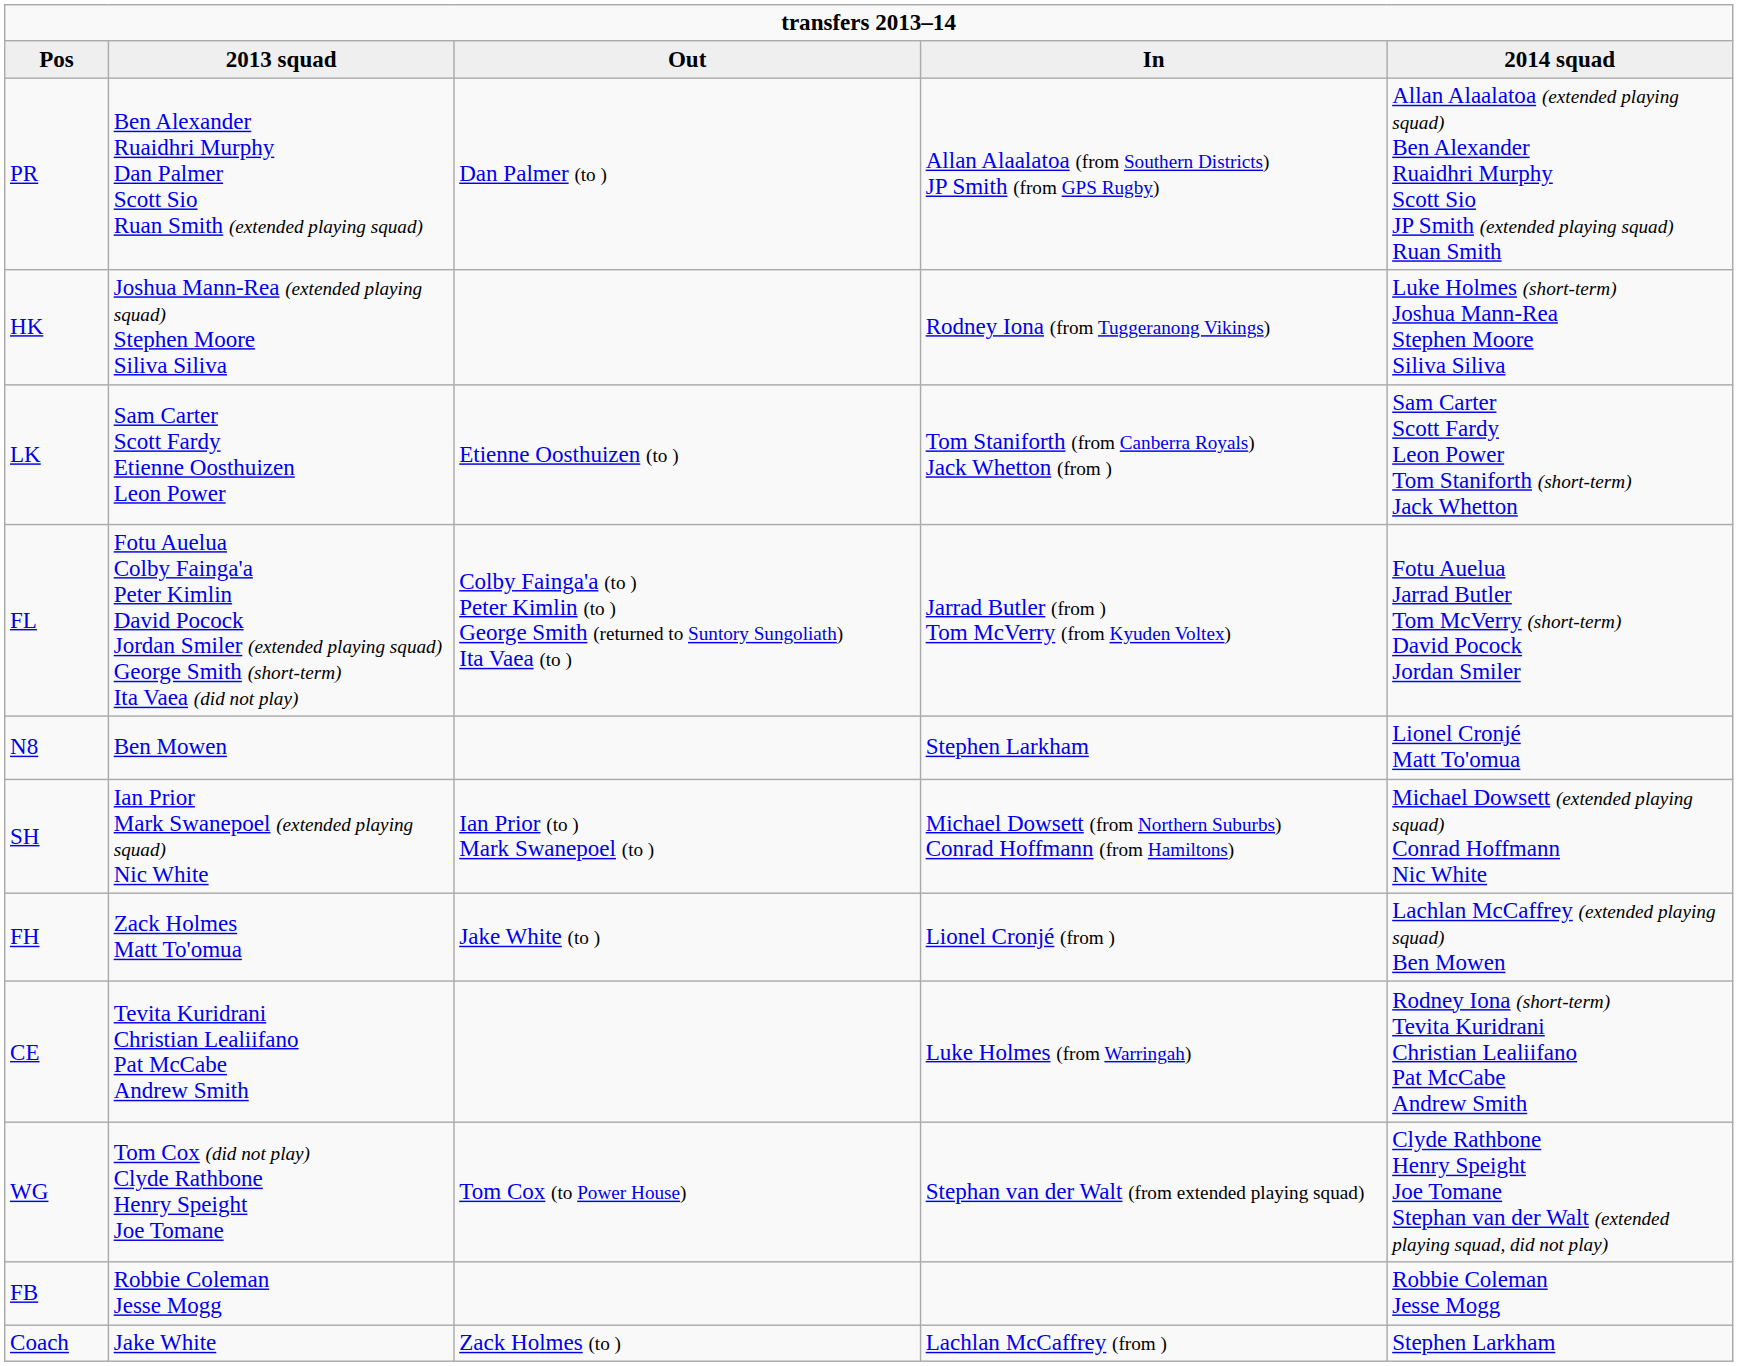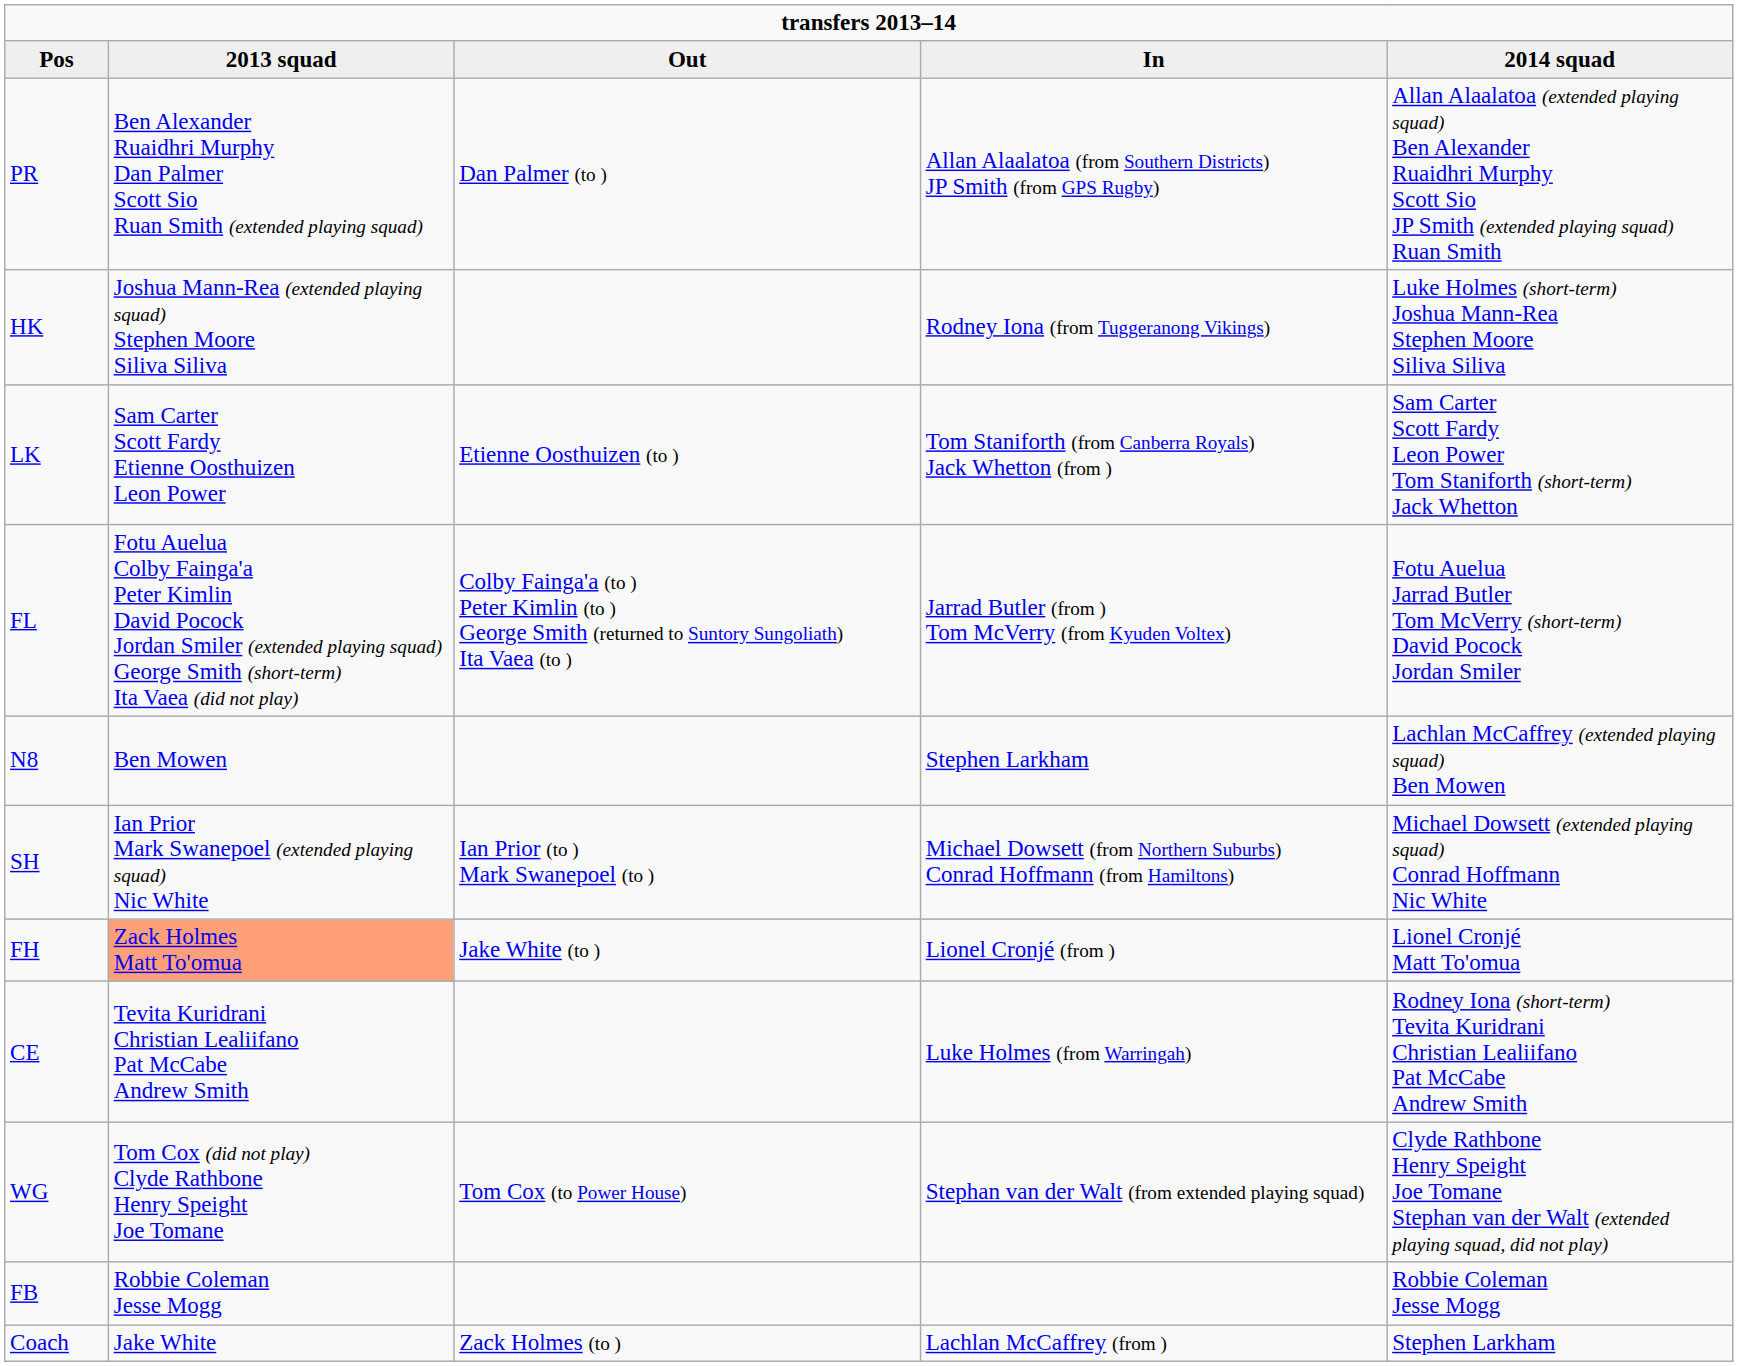 <table class="wikitable" style="text-align: left; width:95%">
 <tr>
 <td colspan="100%" style="text-align:center;"><strong> transfers 2013–14</strong></td>
 </tr>
 <tr>
 <th style="background:#efefef; width:6%;">Pos</th>
 <th style="background:#efefef; width:20%;">2013 squad</th>
 <th style="background:#efefef; width:27%;">Out</th>
 <th style="background:#efefef; width:27%;">In</th>
 <th style="background:#efefef; width:20%;">2014 squad</th>
 </tr>
 <tr>
 <td><a href='#'>PR</a></td>
 <td> <a href='#'>Ben Alexander</a><br><a href='#'>Ruaidhri Murphy</a><br><a href='#'>Dan Palmer</a><br><a href='#'>Scott Sio</a><br><a href='#'>Ruan Smith</a> <small><em>(extended playing squad)</em></small></td>
 <td>  <a href='#'>Dan Palmer</a> <small>(to )</small></td>
 <td>  <a href='#'>Allan Alaalatoa</a> <small>(from <a href='#'>Southern Districts</a>)</small><br> <a href='#'>JP Smith</a> <small>(from <a href='#'>GPS Rugby</a>)</small></td>
 <td> <a href='#'>Allan Alaalatoa</a> <small><em>(extended playing squad)</em></small><br><a href='#'>Ben Alexander</a><br><a href='#'>Ruaidhri Murphy</a><br><a href='#'>Scott Sio</a><br><a href='#'>JP Smith</a> <small><em>(extended playing squad)</em></small><br><a href='#'>Ruan Smith</a></td>
 </tr>
 <tr>
 <td><a href='#'>HK</a></td>
 <td> <a href='#'>Joshua Mann-Rea</a> <small><em>(extended playing squad)</em></small><br><a href='#'>Stephen Moore</a><br><a href='#'>Siliva Siliva</a></td>
 <td></td>
 <td>  <a href='#'>Rodney Iona</a> <small>(from <a href='#'>Tuggeranong Vikings</a>)</small></td>
 <td> <a href='#'>Luke Holmes</a> <small><em>(short-term)</em></small><br><a href='#'>Joshua Mann-Rea</a><br><a href='#'>Stephen Moore</a><br><a href='#'>Siliva Siliva</a></td>
 </tr>
 <tr>
 <td><a href='#'>LK</a></td>
 <td> <a href='#'>Sam Carter</a><br><a href='#'>Scott Fardy</a><br><a href='#'>Etienne Oosthuizen</a><br><a href='#'>Leon Power</a></td>
 <td>  <a href='#'>Etienne Oosthuizen</a> <small>(to )</small></td>
 <td>  <a href='#'>Tom Staniforth</a> <small>(from <a href='#'>Canberra Royals</a>)</small><br> <a href='#'>Jack Whetton</a> <small>(from  )</small></td>
 <td> <a href='#'>Sam Carter</a><br><a href='#'>Scott Fardy</a><br><a href='#'>Leon Power</a><br><a href='#'>Tom Staniforth</a> <small><em>(short-term)</em></small><br><a href='#'>Jack Whetton</a></td>
 </tr>
 <tr>
 <td><a href='#'>FL</a></td>
 <td> <a href='#'>Fotu Auelua</a><br><a href='#'>Colby Fainga'a</a><br><a href='#'>Peter Kimlin</a><br><a href='#'>David Pocock</a><br><a href='#'>Jordan Smiler</a> <small><em>(extended playing squad)</em></small><br><a href='#'>George Smith</a> <small><em>(short-term)</em></small><br><a href='#'>Ita Vaea</a> <small><em>(did not play)</em></small></td>
 <td>  <a href='#'>Colby Fainga'a</a> <small>(to )</small><br> <a href='#'>Peter Kimlin</a> <small>(to )</small><br> <a href='#'>George Smith</a> <small>(returned to  <a href='#'>Suntory Sungoliath</a>)</small><br> <a href='#'>Ita Vaea</a> <small>(to )</small></td>
 <td>  <a href='#'>Jarrad Butler</a> <small>(from )</small><br> <a href='#'>Tom McVerry</a> <small>(from  <a href='#'>Kyuden Voltex</a>)</small></td>
 <td> <a href='#'>Fotu Auelua</a><br><a href='#'>Jarrad Butler</a><br><a href='#'>Tom McVerry</a> <small><em>(short-term)</em></small><br><a href='#'>David Pocock</a><br><a href='#'>Jordan Smiler</a></td>
 </tr>
 <tr>
 <td><a href='#'>N8</a></td>
 <td> <a href='#'>Ben Mowen</a></td>
 <td></td>
 <td>  <a href='#'>Stephen Larkham</a></td>
-<td> <a href='#'>Lionel Cronjé</a><br><a href='#'>Matt To'omua</a></td>
+<td> <a href='#'>Lachlan McCaffrey</a> <small><em>(extended playing squad)</em></small><br><a href='#'>Ben Mowen</a></td>
 </tr>
 <tr>
 <td><a href='#'>SH</a></td>
 <td> <a href='#'>Ian Prior</a><br><a href='#'>Mark Swanepoel</a> <small><em>(extended playing squad)</em></small><br><a href='#'>Nic White</a></td>
 <td>  <a href='#'>Ian Prior</a> <small>(to )</small><br> <a href='#'>Mark Swanepoel</a> <small>(to )</small></td>
 <td>  <a href='#'>Michael Dowsett</a> <small>(from <a href='#'>Northern Suburbs</a>)</small><br> <a href='#'>Conrad Hoffmann</a> <small>(from  <a href='#'>Hamiltons</a>)</small></td>
 <td> <a href='#'>Michael Dowsett</a> <small><em>(extended playing squad)</em></small><br><a href='#'>Conrad Hoffmann</a><br><a href='#'>Nic White</a></td>
 </tr>
 <tr>
 <td><a href='#'>FH</a></td>
-<td> <a href='#'>Zack Holmes</a><br><a href='#'>Matt To'omua</a></td>
+<td style="background: lightsalmon;"> <a href='#'>Zack Holmes</a><br><a href='#'>Matt To'omua</a></td>
 <td>  <a href='#'>Jake White</a> <small>(to )</small></td>
 <td>  <a href='#'>Lionel Cronjé</a> <small>(from )</small></td>
-<td> <a href='#'>Lachlan McCaffrey</a> <small><em>(extended playing squad)</em></small><br><a href='#'>Ben Mowen</a></td>
+<td> <a href='#'>Lionel Cronjé</a><br><a href='#'>Matt To'omua</a></td>
 </tr>
 <tr>
 <td><a href='#'>CE</a></td>
 <td> <a href='#'>Tevita Kuridrani</a><br><a href='#'>Christian Lealiifano</a><br><a href='#'>Pat McCabe</a><br><a href='#'>Andrew Smith</a></td>
 <td></td>
 <td>  <a href='#'>Luke Holmes</a> <small>(from <a href='#'>Warringah</a>)</small></td>
 <td> <a href='#'>Rodney Iona</a> <small><em>(short-term)</em></small><br><a href='#'>Tevita Kuridrani</a><br><a href='#'>Christian Lealiifano</a><br><a href='#'>Pat McCabe</a><br><a href='#'>Andrew Smith</a></td>
 </tr>
 <tr>
 <td><a href='#'>WG</a></td>
 <td> <a href='#'>Tom Cox</a> <small><em>(did not play)</em></small><br><a href='#'>Clyde Rathbone</a><br><a href='#'>Henry Speight</a><br><a href='#'>Joe Tomane</a></td>
 <td>  <a href='#'>Tom Cox</a> <small>(to <a href='#'>Power House</a>)</small></td>
 <td>  <a href='#'>Stephan van der Walt</a> <small>(from extended playing squad)</small></td>
 <td> <a href='#'>Clyde Rathbone</a><br><a href='#'>Henry Speight</a><br><a href='#'>Joe Tomane</a><br><a href='#'>Stephan van der Walt</a> <small><em>(extended playing squad, did not play)</em></small></td>
 </tr>
 <tr>
 <td><a href='#'>FB</a></td>
 <td> <a href='#'>Robbie Coleman</a><br><a href='#'>Jesse Mogg</a></td>
 <td></td>
 <td></td>
 <td> <a href='#'>Robbie Coleman</a><br><a href='#'>Jesse Mogg</a></td>
 </tr>
 <tr>
 <td><a href='#'>Coach</a></td>
 <td> <a href='#'>Jake White</a></td>
 <td>  <a href='#'>Zack Holmes</a> <small>(to )</small></td>
 <td>  <a href='#'>Lachlan McCaffrey</a> <small>(from )</small></td>
 <td> <a href='#'>Stephen Larkham</a></td>
 </tr>
 </table>
